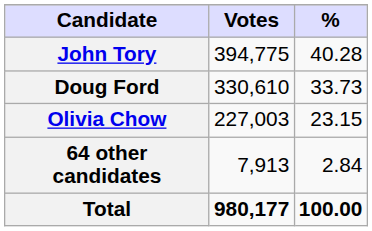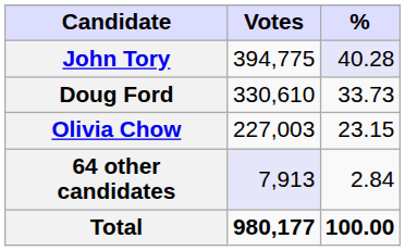 <table class="wikitable sortable plainrowheaders">
 <tr>
 </tr>
 <tr>
 <th scope="col" style="background:#ddf; width:150px;">Candidate</th>
 <th scope="col" style="background:#ddf;">Votes</th>
 <th scope="col" style="background:#ddf;">%</th>
 </tr>
 <tr>
 <th scope="row"><a href='#'>John Tory</a></th>
 <td align="right">394,775</td>
-<td align="right">40.28</td>
+<td align="right" style="background: lavender;">40.28</td>
 </tr>
 <tr>
 <th scope="row"><strong>Doug Ford</strong></th>
 <td align="right">330,610</td>
 <td align="right">33.73</td>
 </tr>
 <tr>
 <th scope="row"><a href='#'>Olivia Chow</a></th>
 <td align="right">227,003</td>
 <td align="right">23.15</td>
 </tr>
 <tr>
 <th scope="row">64 other candidates</th>
-<td align="right">7,913</td>
+<td align="right" style="background: lavender;">7,913</td>
 <td align="right">2.84</td>
 </tr>
 <tr>
 <th scope="row"><strong>Total</strong></th>
 <td align="right"><strong>980,177</strong></td>
 <td align="right"><strong>100.00</strong></td>
 </tr>
 </table>
